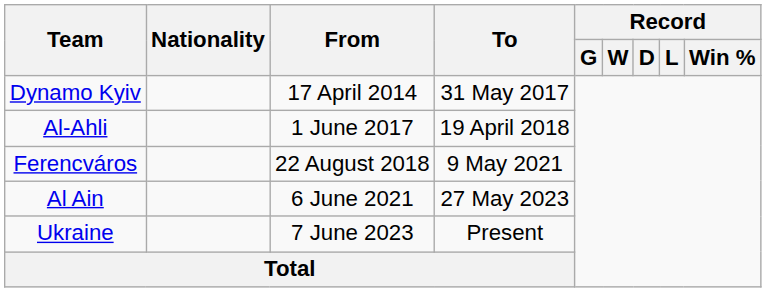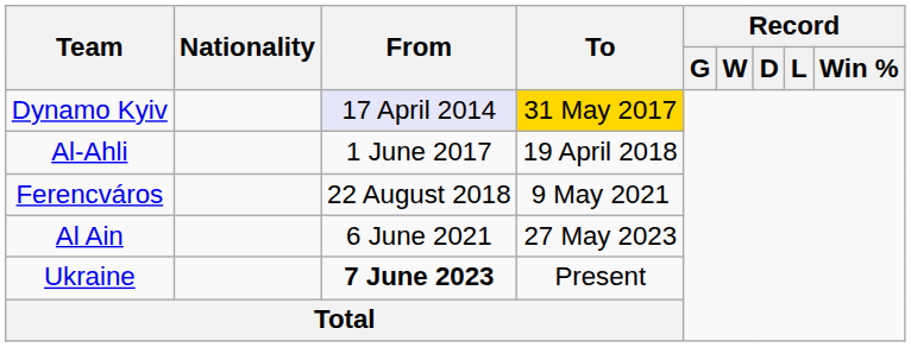 <table class="wikitable" style="text-align: center">
 <tr>
 <th rowspan=2>Team</th>
 <th rowspan=2>Nationality</th>
 <th rowspan=2>From</th>
 <th rowspan=2>To</th>
 <th colspan=5>Record</th>
 </tr>
 <tr>
 <th>G</th>
 <th>W</th>
 <th>D</th>
 <th>L</th>
 <th>Win %</th>
 </tr>
 <tr>
 <td align=center><a href='#'>Dynamo Kyiv</a></td>
 <td></td>
-<td align=center>17 April 2014</td>
-<td align=center>31 May 2017<br></td>
+<td align=center style="background: lavender;">17 April 2014</td>
+<td align=center style="background: gold;">31 May 2017<br></td>
 </tr>
 <tr>
 <td align=center><a href='#'>Al-Ahli</a></td>
 <td align=center></td>
 <td align=center>1 June 2017</td>
 <td align=center>19 April 2018<br></td>
 </tr>
 <tr>
 <td align=center><a href='#'>Ferencváros</a></td>
 <td align=center></td>
 <td align=center>22 August 2018</td>
 <td align=center>9 May 2021<br></td>
 </tr>
 <tr>
 <td align=center><a href='#'>Al Ain</a></td>
 <td align=center></td>
 <td align=center>6 June 2021</td>
 <td align=center>27 May 2023<br></td>
 </tr>
 <tr>
 <td align=center><a href='#'>Ukraine</a></td>
 <td align=center></td>
-<td align=center>7 June 2023</td>
+<td align=center><strong>7 June 2023</strong></td>
 <td align=center>Present<br></td>
 </tr>
 <tr>
 <th colspan=4>Total<br></th>
 </tr>
 </table>
